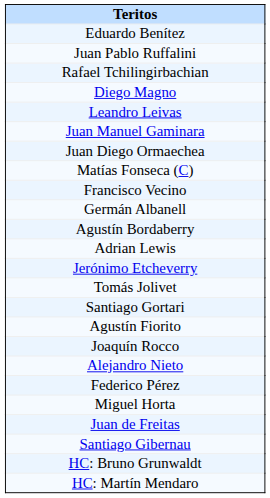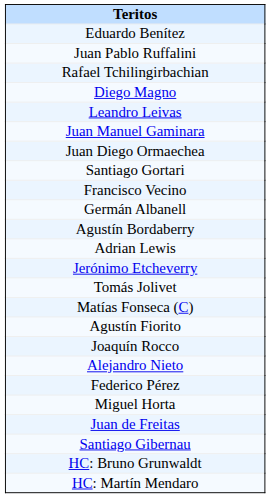 <table width=45% align=center border=1 style="border: 1px solid; border-collapse: collapse">
 <tr align=center bgcolor=#C0DEFF>
 <th width=30%> <strong>Teritos</strong></th>
 </tr>
 <tr align=center bgcolor=#EBF5FF>
 <td>Eduardo Benítez</td>
 </tr>
 <tr align=center bgcolor=#F5FAFF>
 <td>Juan Pablo Ruffalini</td>
 </tr>
 <tr align=center bgcolor=#EBF5FF>
 <td>Rafael Tchilingirbachian</td>
 </tr>
 <tr align=center bgcolor=#F5FAFF>
 <td><a href='#'>Diego Magno</a></td>
 </tr>
 <tr align=center bgcolor=#EBF5FF>
 <td><a href='#'>Leandro Leivas</a></td>
 </tr>
 <tr align=center bgcolor=#F5FAFF>
 <td><a href='#'>Juan Manuel Gaminara</a></td>
 </tr>
 <tr align=center bgcolor=#EBF5FF>
 <td>Juan Diego Ormaechea</td>
 </tr>
 <tr align=center bgcolor=#F5FAFF>
-<td>Matías Fonseca (<a href='#'>C</a>)</td>
+<td>Santiago Gortari</td>
 </tr>
 <tr align=center bgcolor=#EBF5FF>
 <td>Francisco Vecino</td>
 </tr>
 <tr align=center bgcolor=#F5FAFF>
 <td>Germán Albanell</td>
 </tr>
 <tr align=center bgcolor=#EBF5FF>
 <td>Agustín Bordaberry</td>
 </tr>
 <tr align=center bgcolor=#F5FAFF>
 <td>Adrian Lewis</td>
 </tr>
 <tr align=center bgcolor=#EBF5FF>
 <td><a href='#'>Jerónimo Etcheverry</a></td>
 </tr>
 <tr align=center bgcolor=#F5FAFF>
 <td>Tomás Jolivet</td>
 </tr>
 <tr align=center bgcolor=#EBF5FF>
-<td>Santiago Gortari</td>
+<td>Matías Fonseca (<a href='#'>C</a>)</td>
 </tr>
 <tr align=center bgcolor=#F5FAFF>
 <td>Agustín Fiorito</td>
 </tr>
 <tr align=center bgcolor=#EBF5FF>
 <td>Joaquín Rocco</td>
 </tr>
 <tr align=center bgcolor=#F5FAFF>
 <td><a href='#'>Alejandro Nieto</a></td>
 </tr>
 <tr align=center bgcolor=#EBF5FF>
 <td>Federico Pérez</td>
 </tr>
 <tr align=center bgcolor=#F5FAFF>
 <td>Miguel Horta</td>
 </tr>
 <tr align=center bgcolor=#EBF5FF>
 <td><a href='#'>Juan de Freitas</a></td>
 </tr>
 <tr align=center bgcolor=#F5FAFF>
 <td><a href='#'>Santiago Gibernau</a></td>
 </tr>
 <tr align=center bgcolor=#EBF5FF>
 <td><a href='#'>HC</a>: Bruno Grunwaldt</td>
 </tr>
 <tr align=center bgcolor=#F5FAFF>
 <td><a href='#'>HC</a>: Martín Mendaro</td>
 </tr>
 </table>
